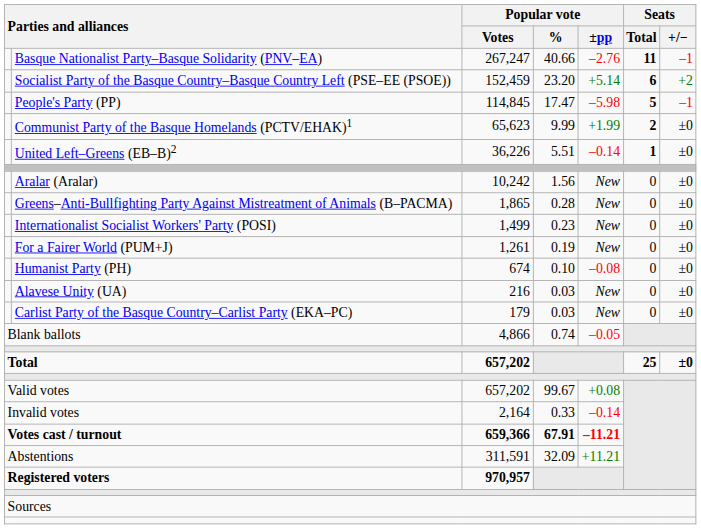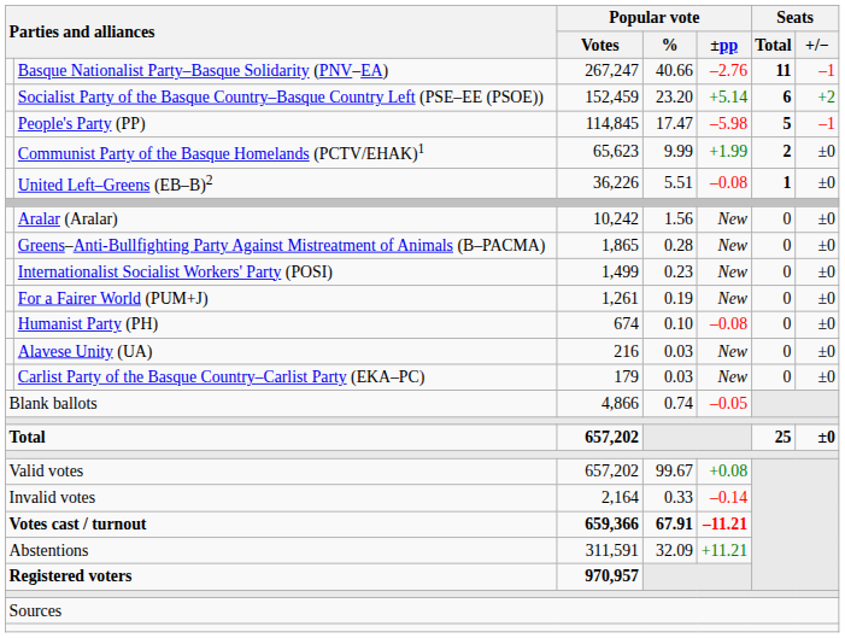 <table class="wikitable" style="text-align:right;">
 <tr>
 <th style="text-align:left;" rowspan="2" colspan="2" width="525">Parties and alliances</th>
 <th colspan="3">Popular vote</th>
 <th colspan="2">Seats</th>
 </tr>
 <tr>
 <th width="75">Votes</th>
 <th width="45">%</th>
 <th width="45">±<a href='#'>pp</a></th>
 <th width="35">Total</th>
 <th width="35">+/−</th>
 </tr>
 <tr>
 <td width="1" style="color:inherit;background:"></td>
 <td align="left"><a href='#'>Basque Nationalist Party–Basque Solidarity</a> (<a href='#'>PNV</a>–<a href='#'>EA</a>)</td>
 <td>267,247</td>
 <td>40.66</td>
 <td style="color:red;">–2.76</td>
 <td><strong>11</strong></td>
 <td style="color:red;">–1</td>
 </tr>
 <tr>
 <td style="color:inherit;background:"></td>
 <td align="left"><a href='#'>Socialist Party of the Basque Country–Basque Country Left</a> (PSE–EE (PSOE))</td>
 <td>152,459</td>
 <td>23.20</td>
 <td style="color:green;">+5.14</td>
 <td><strong>6</strong></td>
 <td style="color:green;">+2</td>
 </tr>
 <tr>
 <td style="color:inherit;background:"></td>
 <td align="left"><a href='#'>People's Party</a> (PP)</td>
 <td>114,845</td>
 <td>17.47</td>
 <td style="color:red;">–5.98</td>
 <td><strong>5</strong></td>
 <td style="color:red;">–1</td>
 </tr>
 <tr>
 <td style="color:inherit;background:"></td>
 <td align="left"><a href='#'>Communist Party of the Basque Homelands</a> (PCTV/EHAK)<sup>1</sup></td>
 <td>65,623</td>
 <td>9.99</td>
 <td style="color:green;">+1.99</td>
 <td><strong>2</strong></td>
 <td>±0</td>
 </tr>
 <tr>
 <td style="color:inherit;background:"></td>
 <td align="left"><a href='#'>United Left–Greens</a> (EB–B)<sup>2</sup></td>
 <td>36,226</td>
 <td>5.51</td>
-<td style="color:red;">–0.14</td>
+<td style="color:red;">–0.08</td>
 <td><strong>1</strong></td>
 <td>±0</td>
 </tr>
 <tr>
 <td colspan="7" bgcolor="#C0C0C0"></td>
 </tr>
 <tr>
 <td style="color:inherit;background:"></td>
 <td align="left"><a href='#'>Aralar</a> (Aralar)</td>
 <td>10,242</td>
 <td>1.56</td>
 <td><em>New</em></td>
 <td>0</td>
 <td>±0</td>
 </tr>
 <tr>
 <td style="color:inherit;background:"></td>
 <td align="left"><a href='#'>Greens</a>–<a href='#'>Anti-Bullfighting Party Against Mistreatment of Animals</a> (B–PACMA)</td>
 <td>1,865</td>
 <td>0.28</td>
 <td><em>New</em></td>
 <td>0</td>
 <td>±0</td>
 </tr>
 <tr>
 <td style="color:inherit;background:"></td>
 <td align="left"><a href='#'>Internationalist Socialist Workers' Party</a> (POSI)</td>
 <td>1,499</td>
 <td>0.23</td>
 <td><em>New</em></td>
 <td>0</td>
 <td>±0</td>
 </tr>
 <tr>
 <td style="color:inherit;background:"></td>
 <td align="left"><a href='#'>For a Fairer World</a> (PUM+J)</td>
 <td>1,261</td>
 <td>0.19</td>
 <td><em>New</em></td>
 <td>0</td>
 <td>±0</td>
 </tr>
 <tr>
 <td style="color:inherit;background:"></td>
 <td align="left"><a href='#'>Humanist Party</a> (PH)</td>
 <td>674</td>
 <td>0.10</td>
 <td style="color:red;">–0.08</td>
 <td>0</td>
 <td>±0</td>
 </tr>
 <tr>
 <td style="color:inherit;background:"></td>
 <td align="left"><a href='#'>Alavese Unity</a> (UA)</td>
 <td>216</td>
 <td>0.03</td>
 <td><em>New</em></td>
 <td>0</td>
 <td>±0</td>
 </tr>
 <tr>
 <td style="color:inherit;background:"></td>
 <td align="left"><a href='#'>Carlist Party of the Basque Country–Carlist Party</a> (EKA–PC)</td>
 <td>179</td>
 <td>0.03</td>
 <td><em>New</em></td>
 <td>0</td>
 <td>±0</td>
 </tr>
 <tr>
 <td align="left" colspan="2">Blank ballots</td>
 <td>4,866</td>
 <td>0.74</td>
 <td style="color:red;">–0.05</td>
 <td bgcolor="#E9E9E9" colspan="2"></td>
 </tr>
 <tr>
 <td colspan="7" bgcolor="#E9E9E9"></td>
 </tr>
 <tr style="font-weight:bold;">
 <td align="left" colspan="2">Total</td>
 <td>657,202</td>
 <td bgcolor="#E9E9E9" colspan="2"></td>
 <td>25</td>
 <td>±0</td>
 </tr>
 <tr>
 <td colspan="7" bgcolor="#E9E9E9"></td>
 </tr>
 <tr>
 <td align="left" colspan="2">Valid votes</td>
 <td>657,202</td>
 <td>99.67</td>
 <td style="color:green;">+0.08</td>
 <td bgcolor="#E9E9E9" colspan="2" rowspan="5"></td>
 </tr>
 <tr>
 <td align="left" colspan="2">Invalid votes</td>
 <td>2,164</td>
 <td>0.33</td>
 <td style="color:red;">–0.14</td>
 </tr>
 <tr style="font-weight:bold;">
 <td align="left" colspan="2">Votes cast / turnout</td>
 <td>659,366</td>
 <td>67.91</td>
 <td style="color:red;">–11.21</td>
 </tr>
 <tr>
 <td align="left" colspan="2">Abstentions</td>
 <td>311,591</td>
 <td>32.09</td>
 <td style="color:green;">+11.21</td>
 </tr>
 <tr style="font-weight:bold;">
 <td align="left" colspan="2">Registered voters</td>
 <td>970,957</td>
 <td bgcolor="#E9E9E9" colspan="2"></td>
 </tr>
 <tr>
 <td colspan="7" bgcolor="#E9E9E9"></td>
 </tr>
 <tr>
 <td align="left" colspan="7">Sources</td>
 </tr>
 <tr>
 <td colspan="7" style="text-align:left; max-width:790px;"></td>
 </tr>
 </table>
